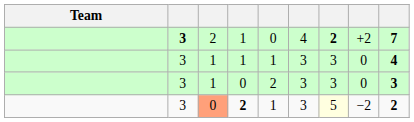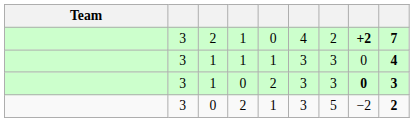 <table class="wikitable" style="text-align: center; font-size: 90%;">
 <tr>
 <th width="165">Team</th>
 <th width="25"></th>
 <th width="25"></th>
 <th width="25"></th>
 <th width="25"></th>
 <th width="25"></th>
 <th width="25"></th>
 <th width="25"></th>
 <th width="25"></th>
 </tr>
 <tr style="background:#ccffcc;">
 <td align=left></td>
-<td><strong>3</strong></td>
+<td>3</td>
 <td>2</td>
 <td>1</td>
 <td>0</td>
 <td>4</td>
-<td><strong>2</strong></td>
-<td>+2</td>
+<td>2</td>
+<td><strong>+2</strong></td>
 <td><strong>7</strong></td>
 </tr>
 <tr style="background:#ccffcc;">
 <td align=left></td>
 <td>3</td>
 <td>1</td>
 <td>1</td>
 <td>1</td>
 <td>3</td>
 <td>3</td>
 <td>0</td>
 <td><strong>4</strong></td>
 </tr>
 <tr style="background:#ccffcc;">
 <td align=left></td>
 <td>3</td>
 <td>1</td>
 <td>0</td>
 <td>2</td>
 <td>3</td>
 <td>3</td>
-<td>0</td>
+<td><strong>0</strong></td>
 <td><strong>3</strong></td>
 </tr>
 <tr>
 <td align=left></td>
 <td>3</td>
-<td style="background: lightsalmon;">0</td>
-<td><strong>2</strong></td>
+<td>0</td>
+<td>2</td>
 <td>1</td>
 <td>3</td>
-<td style="background: lightyellow;">5</td>
+<td>5</td>
 <td>−2</td>
 <td><strong>2</strong></td>
 </tr>
 </table>
